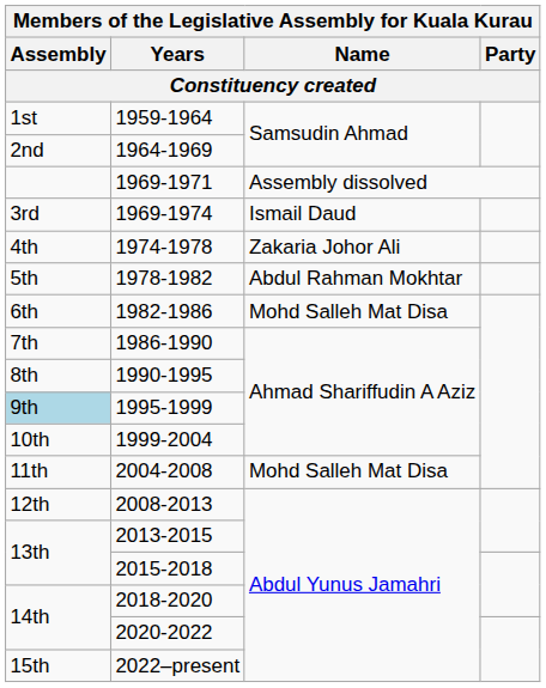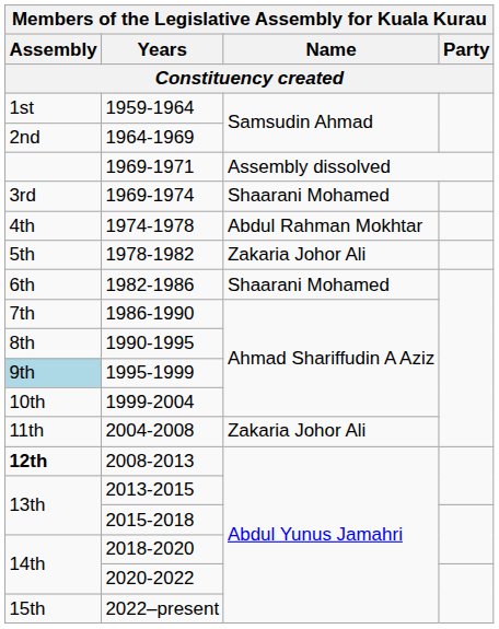 <table class="wikitable">
 <tr>
 <th colspan="4">Members of the Legislative Assembly for Kuala Kurau</th>
 </tr>
 <tr>
 <th>Assembly</th>
 <th>Years</th>
 <th>Name</th>
 <th>Party</th>
 </tr>
 <tr>
 <th colspan="4"><em>Constituency created</em></th>
 </tr>
 <tr>
 <td>1st</td>
 <td>1959-1964</td>
 <td rowspan="2">Samsudin Ahmad</td>
 <td rowspan="2"></td>
 </tr>
 <tr>
 <td>2nd</td>
 <td>1964-1969</td>
 </tr>
 <tr>
 <td></td>
 <td>1969-1971</td>
 <td colspan="2">Assembly dissolved</td>
 </tr>
 <tr>
 <td>3rd</td>
 <td>1969-1974</td>
-<td>Ismail Daud</td>
+<td>Shaarani Mohamed</td>
 <td></td>
 </tr>
 <tr>
 <td>4th</td>
 <td>1974-1978</td>
-<td>Zakaria Johor Ali</td>
+<td>Abdul Rahman Mokhtar</td>
 <td></td>
 </tr>
 <tr>
 <td>5th</td>
 <td>1978-1982</td>
-<td>Abdul Rahman Mokhtar</td>
+<td>Zakaria Johor Ali</td>
 <td></td>
 </tr>
 <tr>
 <td>6th</td>
 <td>1982-1986</td>
-<td>Mohd Salleh Mat Disa</td>
+<td>Shaarani Mohamed</td>
 <td rowspan="6"></td>
 </tr>
 <tr>
 <td>7th</td>
 <td>1986-1990</td>
 <td rowspan="4">Ahmad Shariffudin A Aziz</td>
 </tr>
 <tr>
 <td>8th</td>
 <td>1990-1995</td>
 </tr>
 <tr>
 <td style="background: lightblue;">9th</td>
 <td>1995-1999</td>
 </tr>
 <tr>
 <td>10th</td>
 <td>1999-2004</td>
 </tr>
 <tr>
 <td>11th</td>
 <td>2004-2008</td>
-<td>Mohd Salleh Mat Disa</td>
+<td>Zakaria Johor Ali</td>
 </tr>
 <tr>
-<td>12th</td>
+<td><strong>12th</strong></td>
 <td>2008-2013</td>
 <td rowspan=6><a href='#'>Abdul Yunus Jamahri</a></td>
 <td rowspan=2></td>
 </tr>
 <tr>
 <td rowspan=2>13th</td>
 <td>2013-2015</td>
 </tr>
 <tr>
 <td>2015-2018</td>
 <td rowspan=2></td>
 </tr>
 <tr>
 <td rowspan="2">14th</td>
 <td>2018-2020</td>
 </tr>
 <tr>
 <td>2020-2022</td>
 <td rowspan="2"></td>
 </tr>
 <tr>
 <td>15th</td>
 <td>2022–present</td>
 </tr>
 </table>
